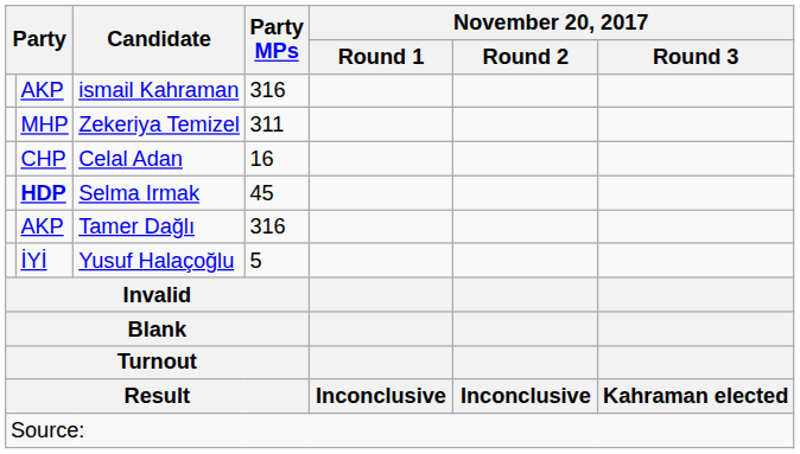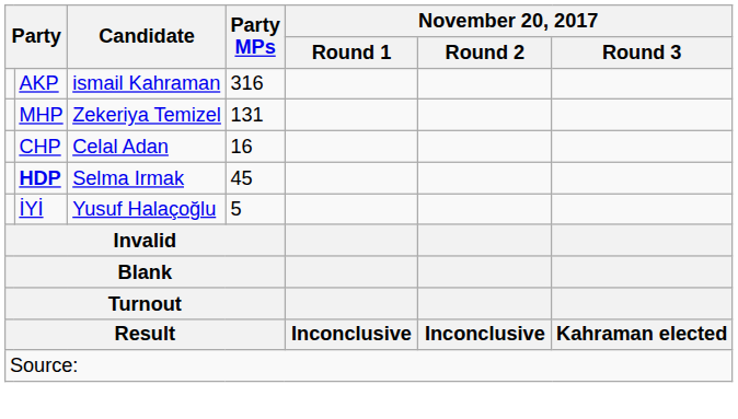 <table class=wikitable style="font-size:90%;">
 <tr>
 <th rowspan="2" colspan="2">Party</th>
 <th rowspan="2">Candidate</th>
 <th rowspan="2">Party<br><a href='#'>MPs</a></th>
 <th colspan="3">November 20, 2017</th>
 </tr>
 <tr>
 <th width="90px">Round 1<br></th>
 <th width="90px">Round 2<br></th>
 <th width="90px">Round 3<br></th>
 </tr>
 <tr>
 <td style="background: "></td>
 <td><a href='#'>AKP</a></td>
 <td><a href='#'>ismail Kahraman</a></td>
 <td>316</td>
 <td></td>
 <td></td>
 <td></td>
 </tr>
 <tr>
 <td style="background: "></td>
 <td><a href='#'>MHP</a></td>
 <td><a href='#'>Zekeriya Temizel</a></td>
-<td>311</td>
+<td>131</td>
 <td></td>
 <td></td>
 <td></td>
 </tr>
 <tr>
 <td style="background: "></td>
 <td><a href='#'>CHP</a></td>
 <td><a href='#'>Celal Adan</a></td>
 <td>16</td>
 <td></td>
 <td></td>
 <td></td>
 </tr>
 <tr>
 <td style="background: "></td>
 <td><strong><a href='#'>HDP</a></strong></td>
 <td><a href='#'>Selma Irmak</a></td>
 <td>45</td>
-<td></td>
-<td></td>
-<td></td>
-</tr>
-<tr>
-<td style="background: "></td>
-<td><a href='#'>AKP</a></td>
-<td><a href='#'>Tamer Dağlı</a></td>
-<td>316</td>
 <td></td>
 <td></td>
 <td></td>
 </tr>
 <tr>
 <td style="background: "></td>
 <td><a href='#'>İYİ</a></td>
 <td><a href='#'>Yusuf Halaçoğlu</a></td>
 <td>5</td>
 <td></td>
 <td></td>
 <td></td>
 </tr>
 <tr>
 <th colspan="4">Invalid</th>
 <th></th>
 <th></th>
 <th></th>
 </tr>
 <tr>
 <th colspan="4">Blank</th>
 <th></th>
 <th></th>
 <th></th>
 </tr>
 <tr>
 <th colspan="4"><strong>Turnout</strong></th>
 <th></th>
 <th></th>
 <th></th>
 </tr>
 <tr>
 <th colspan="4"><strong>Result</strong></th>
 <th>Inconclusive</th>
 <th>Inconclusive</th>
 <th>Kahraman elected</th>
 </tr>
 <tr>
 <td colspan="7">Source: </td>
 </tr>
 </table>
